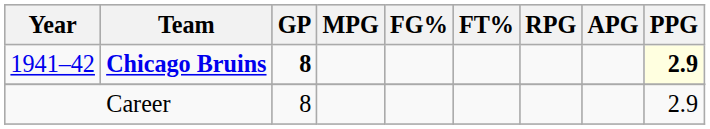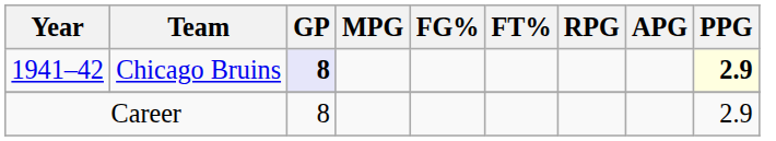 <table class="wikitable sortable" style="font-size:95%; text-align:right;">
 <tr>
 <th>Year</th>
 <th>Team</th>
 <th>GP</th>
 <th>MPG</th>
 <th>FG%</th>
 <th>FT%</th>
 <th>RPG</th>
 <th>APG</th>
 <th>PPG</th>
 </tr>
 <tr>
 <td style="text-align:left;"><a href='#'>1941–42</a></td>
-<td style="text-align:left;"><strong><a href='#'>Chicago Bruins</a></strong></td>
-<td><strong>8</strong></td>
+<td style="text-align:left;"><a href='#'>Chicago Bruins</a></td>
+<td style="background: lavender;"><strong>8</strong></td>
 <td></td>
 <td></td>
 <td></td>
 <td></td>
 <td></td>
 <td style="background: lightyellow;"><strong>2.9</strong></td>
 </tr>
 <tr>
 </tr>
 <tr class="sortbottom">
 <td colspan="2" style="text-align:center;">Career</td>
 <td>8</td>
 <td></td>
 <td></td>
 <td></td>
 <td></td>
 <td></td>
 <td>2.9</td>
 </tr>
 </table>
